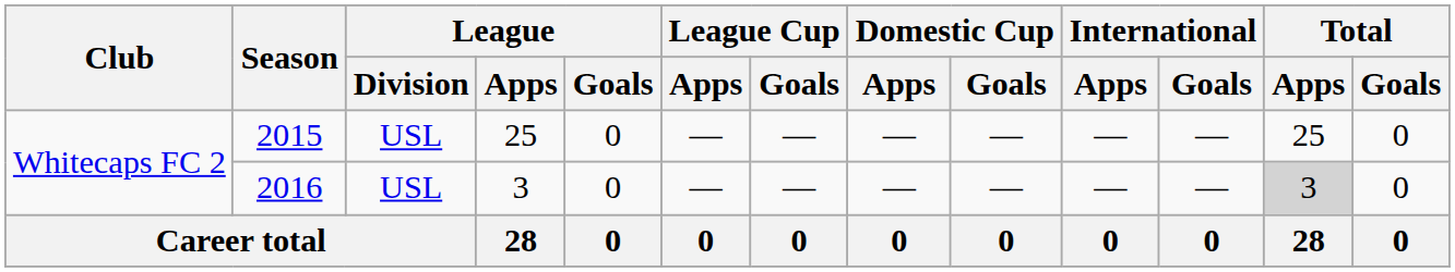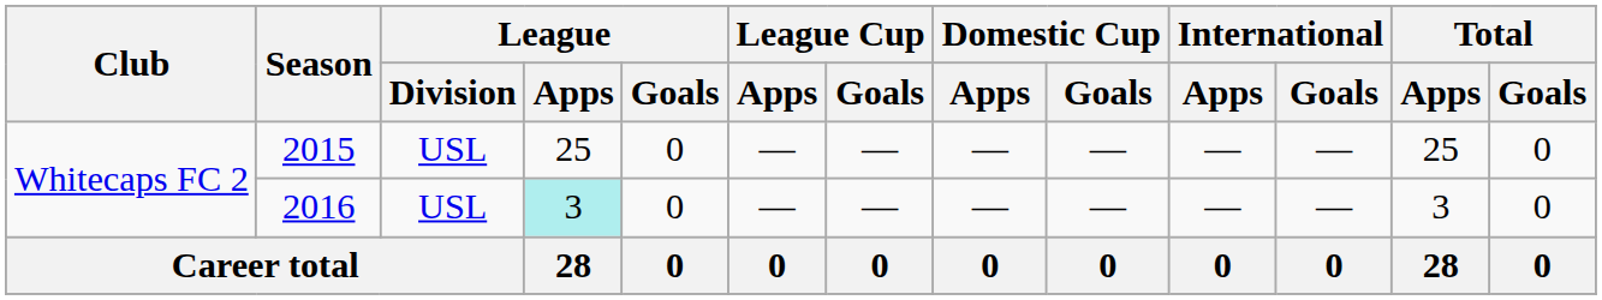 <table class="wikitable" style="text-align: center;">
 <tr>
 <th rowspan="2">Club</th>
 <th rowspan="2">Season</th>
 <th colspan="3">League</th>
 <th colspan="2">League Cup</th>
 <th colspan="2">Domestic Cup</th>
 <th colspan="2">International</th>
 <th colspan="2">Total</th>
 </tr>
 <tr>
 <th>Division</th>
 <th>Apps</th>
 <th>Goals</th>
 <th>Apps</th>
 <th>Goals</th>
 <th>Apps</th>
 <th>Goals</th>
 <th>Apps</th>
 <th>Goals</th>
 <th>Apps</th>
 <th>Goals</th>
 </tr>
 <tr>
 <td rowspan="2"><a href='#'>Whitecaps FC 2</a></td>
 <td><a href='#'>2015</a></td>
 <td><a href='#'>USL</a></td>
 <td>25</td>
 <td>0</td>
 <td>—</td>
 <td>—</td>
 <td>—</td>
 <td>—</td>
 <td>—</td>
 <td>—</td>
 <td>25</td>
 <td>0</td>
 </tr>
 <tr>
 <td><a href='#'>2016</a></td>
 <td><a href='#'>USL</a></td>
-<td>3</td>
+<td style="background: paleturquoise;">3</td>
 <td>0</td>
 <td>—</td>
 <td>—</td>
 <td>—</td>
 <td>—</td>
 <td>—</td>
 <td>—</td>
-<td style="background: lightgrey;">3</td>
+<td>3</td>
 <td>0</td>
 </tr>
 <tr>
 <th colspan="3">Career total</th>
 <th>28</th>
 <th>0</th>
 <th>0</th>
 <th>0</th>
 <th>0</th>
 <th>0</th>
 <th>0</th>
 <th>0</th>
 <th>28</th>
 <th>0</th>
 </tr>
 </table>
